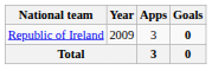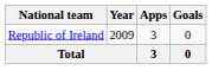 <table class=wikitable style=text-align:center>
 <tr>
 <th>National team</th>
 <th>Year</th>
 <th>Apps</th>
 <th>Goals</th>
 </tr>
 <tr>
 <td><a href='#'>Republic of Ireland</a></td>
 <td>2009</td>
 <td>3</td>
-<td><strong>0</strong></td>
+<td>0</td>
 </tr>
 <tr>
 <th colspan=2>Total</th>
 <th>3</th>
 <th>0</th>
 </tr>
 </table>
